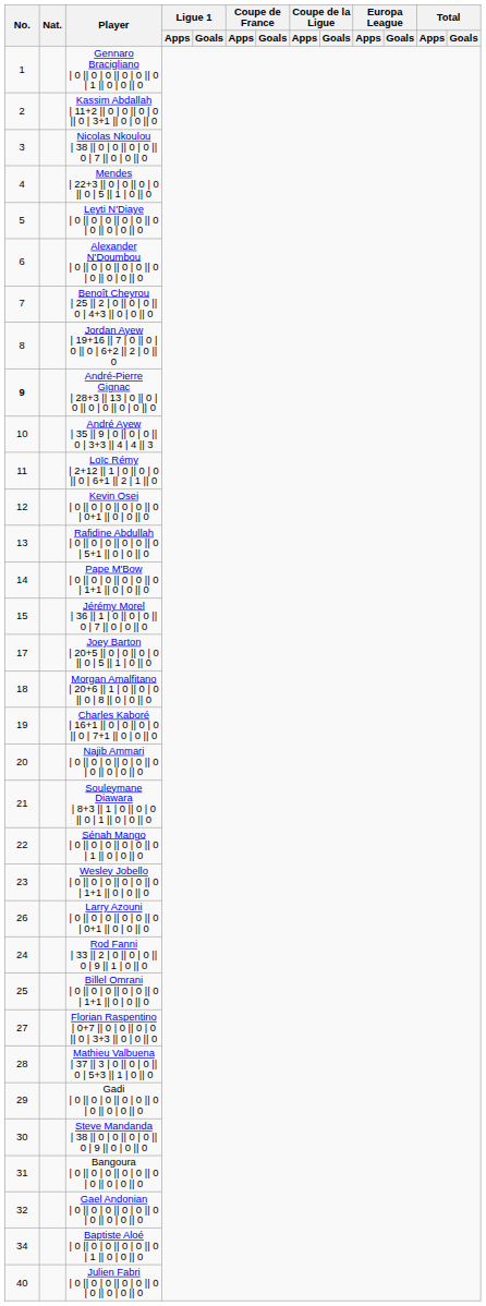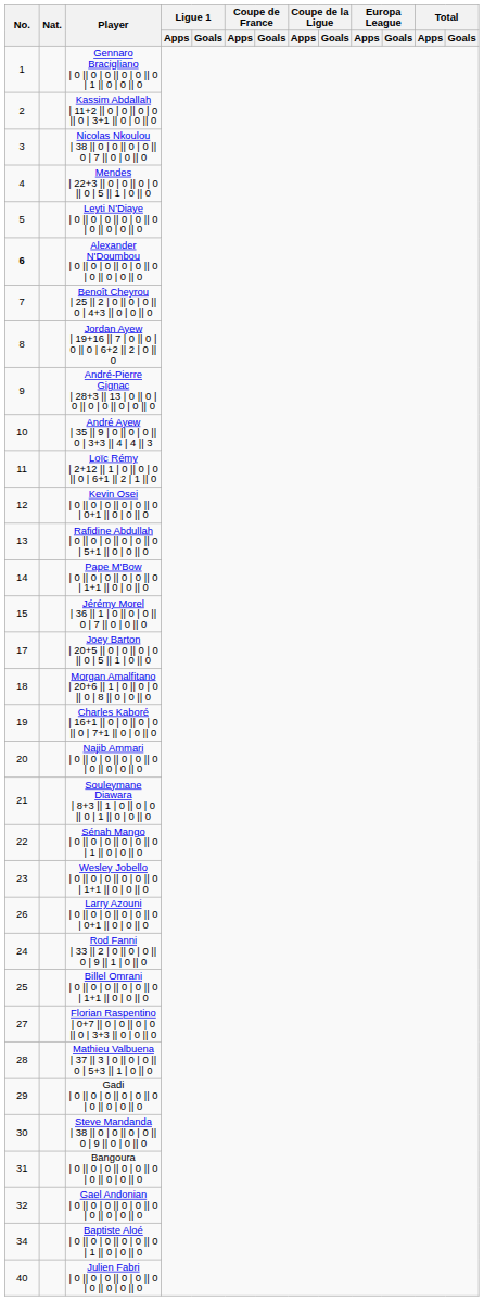 <table class="wikitable sortable alternance" style="font-size:85%; text-align:center; line-height:14px;" width=40%>
 <tr>
 <th rowspan="2" width=50>No.</th>
 <th rowspan="2" width=30>Nat.</th>
 <th rowspan="2" width=150>Player</th>
 <th colspan="2">Ligue 1</th>
 <th colspan="2">Coupe de France</th>
 <th colspan="2">Coupe de la Ligue</th>
 <th colspan="2">Europa League</th>
 <th colspan="2">Total</th>
 </tr>
 <tr align="center">
 <th width=30>Apps</th>
 <th width=30>Goals</th>
 <th width=30>Apps</th>
 <th width=30>Goals</th>
 <th width=30>Apps</th>
 <th width=30>Goals</th>
 <th width=30>Apps</th>
 <th width=30>Goals</th>
 <th width=30>Apps</th>
 <th width=30>Goals</th>
 </tr>
 <tr bgcolor=>
 <td>1</td>
 <td></td>
 <td><a href='#'>Gennaro Bracigliano</a><br>          | 0 || 0       | 0 || 0     | 0 || 0      | 1 || 0                 | 0 || 0</td>
 </tr>
 <tr bgcolor=>
 <td>2</td>
 <td></td>
 <td><a href='#'>Kassim Abdallah</a><br>          | 11+2 || 0       | 0 || 0     | 0 || 0      | 3+1 || 0                 | 0 || 0</td>
 </tr>
 <tr bgcolor=>
 <td>3</td>
 <td></td>
 <td><a href='#'>Nicolas Nkoulou</a><br>          | 38 || 0       | 0 || 0     | 0 || 0      | 7 || 0                 | 0 || 0</td>
 </tr>
 <tr bgcolor=>
 <td>4</td>
 <td></td>
 <td><a href='#'>Mendes</a><br>          | 22+3 || 0       | 0 || 0     | 0 || 0      | 5 || 1                 | 0 || 0</td>
 </tr>
 <tr bgcolor=>
 <td>5</td>
 <td></td>
 <td><a href='#'>Leyti N'Diaye</a><br>          | 0 || 0       | 0 || 0     | 0 || 0      | 0 || 0                 | 0 || 0</td>
 </tr>
 <tr bgcolor=>
-<td>6</td>
+<td><strong>6</strong></td>
 <td></td>
 <td><a href='#'>Alexander N'Doumbou</a><br>          | 0 || 0       | 0 || 0     | 0 || 0      | 0 || 0                 | 0 || 0</td>
 </tr>
 <tr bgcolor=>
 <td>7</td>
 <td></td>
 <td><a href='#'>Benoît Cheyrou</a><br>          | 25 || 2       | 0 || 0     | 0 || 0      | 4+3 || 0                 | 0 || 0</td>
 </tr>
 <tr bgcolor=>
 <td>8</td>
 <td></td>
 <td><a href='#'>Jordan Ayew</a><br>          | 19+16 || 7       | 0 || 0     | 0 || 0      | 6+2 || 2                 | 0 || 0</td>
 </tr>
 <tr bgcolor=>
-<td><strong>9</strong></td>
+<td>9</td>
 <td></td>
 <td><a href='#'>André-Pierre Gignac</a><br>          | 28+3 || 13       | 0 || 0     | 0 || 0      | 0 || 0                 | 0 || 0</td>
 </tr>
 <tr bgcolor=>
 <td>10</td>
 <td></td>
 <td><a href='#'>André Ayew</a><br>          | 35 || 9       | 0 || 0     | 0 || 0          | 3+3 || 4                 | 4 || 3</td>
 </tr>
 <tr bgcolor=>
 <td>11</td>
 <td></td>
 <td><a href='#'>Loïc Rémy</a><br>          | 2+12 || 1       | 0 || 0     | 0 || 0      | 6+1 || 2                 | 1 || 0</td>
 </tr>
 <tr bgcolor=>
 <td>12</td>
 <td></td>
 <td><a href='#'>Kevin Osei</a><br>          | 0 || 0       | 0 || 0     | 0 || 0      | 0+1 || 0                 | 0 || 0</td>
 </tr>
 <tr bgcolor=>
 <td>13</td>
 <td></td>
 <td><a href='#'>Rafidine Abdullah</a><br>          | 0 || 0       | 0 || 0     | 0 || 0      | 5+1 || 0                 | 0 || 0</td>
 </tr>
 <tr bgcolor=>
 <td>14</td>
 <td></td>
 <td><a href='#'>Pape M'Bow</a><br>          | 0 || 0       | 0 || 0     | 0 || 0      | 1+1 || 0                 | 0 || 0</td>
 </tr>
 <tr bgcolor=>
 <td>15</td>
 <td></td>
 <td><a href='#'>Jérémy Morel</a><br>          | 36 || 1       | 0 || 0     | 0 || 0      | 7 || 0                 | 0 || 0</td>
 </tr>
 <tr bgcolor=>
 <td>17</td>
 <td></td>
 <td><a href='#'>Joey Barton</a><br>          | 20+5 || 0       | 0 || 0     | 0 || 0      | 5 || 1                 | 0 || 0</td>
 </tr>
 <tr bgcolor=>
 <td>18</td>
 <td></td>
 <td><a href='#'>Morgan Amalfitano</a><br>          | 20+6 || 1       | 0 || 0     | 0 || 0      | 8 || 0                 | 0 || 0</td>
 </tr>
 <tr bgcolor=>
 <td>19</td>
 <td></td>
 <td><a href='#'>Charles Kaboré</a><br>          | 16+1 || 0       | 0 || 0     | 0 || 0      | 7+1 || 0                 | 0 || 0</td>
 </tr>
 <tr bgcolor=>
 <td>20</td>
 <td></td>
 <td><a href='#'>Najib Ammari</a><br>          | 0 || 0       | 0 || 0     | 0 || 0      | 0 || 0                 | 0 || 0</td>
 </tr>
 <tr bgcolor=>
 <td>21</td>
 <td></td>
 <td><a href='#'>Souleymane Diawara</a><br>          | 8+3 || 1       | 0 || 0     | 0 || 0      | 1 || 0                 | 0 || 0</td>
 </tr>
 <tr bgcolor=>
 <td>22</td>
 <td></td>
 <td><a href='#'>Sénah Mango</a><br>          | 0 || 0       | 0 || 0     | 0 || 0      | 1 || 0                 | 0 || 0</td>
 </tr>
 <tr bgcolor=>
 <td>23</td>
 <td></td>
 <td><a href='#'>Wesley Jobello</a><br>          | 0 || 0       | 0 || 0     | 0 || 0      | 1+1 || 0                 | 0 || 0</td>
 </tr>
 <tr bgcolor=>
 <td>26</td>
 <td></td>
 <td><a href='#'>Larry Azouni</a><br>          | 0 || 0       | 0 || 0     | 0 || 0      | 0+1 || 0                 | 0 || 0</td>
 </tr>
 <tr bgcolor=>
 <td>24</td>
 <td></td>
 <td><a href='#'>Rod Fanni</a><br>          | 33 || 2       | 0 || 0     | 0 || 0      | 9 || 1                 | 0 || 0</td>
 </tr>
 <tr bgcolor=>
 <td>25</td>
 <td></td>
 <td><a href='#'>Billel Omrani</a><br>          | 0 || 0       | 0 || 0     | 0 || 0      | 1+1 || 0                 | 0 || 0</td>
 </tr>
 <tr bgcolor=>
 <td>27</td>
 <td></td>
 <td><a href='#'>Florian Raspentino</a><br>          | 0+7 || 0       | 0 || 0     | 0 || 0      | 3+3 || 0                 | 0 || 0</td>
 </tr>
 <tr bgcolor=>
 <td>28</td>
 <td></td>
 <td><a href='#'>Mathieu Valbuena</a><br>          | 37 || 3       | 0 || 0     | 0 || 0      | 5+3 || 1                 | 0 || 0</td>
 </tr>
 <tr bgcolor=>
 <td>29</td>
 <td></td>
 <td>Gadi<br>          | 0 || 0       | 0 || 0     | 0 || 0      | 0 || 0                 | 0 || 0</td>
 </tr>
 <tr bgcolor=>
 <td>30</td>
 <td></td>
 <td><a href='#'>Steve Mandanda</a><br>          | 38 || 0       | 0 || 0     | 0 || 0      | 9 || 0                 | 0 || 0</td>
 </tr>
 <tr bgcolor=>
 <td>31</td>
 <td></td>
 <td>Bangoura<br>          | 0 || 0       | 0 || 0     | 0 || 0      | 0 || 0                 | 0 || 0</td>
 </tr>
 <tr bgcolor=>
 <td>32</td>
 <td></td>
 <td><a href='#'>Gael Andonian</a><br>          | 0 || 0       | 0 || 0     | 0 || 0      | 0 || 0                 | 0 || 0</td>
 </tr>
 <tr bgcolor=>
 <td>34</td>
 <td></td>
 <td><a href='#'>Baptiste Aloé</a><br>          | 0 || 0       | 0 || 0     | 0 || 0      | 1 || 0                 | 0 || 0</td>
 </tr>
 <tr bgcolor=>
 <td>40</td>
 <td></td>
 <td><a href='#'>Julien Fabri</a><br>          | 0 || 0       | 0 || 0     | 0 || 0      | 0 || 0                 | 0 || 0</td>
 </tr>
 </table>
